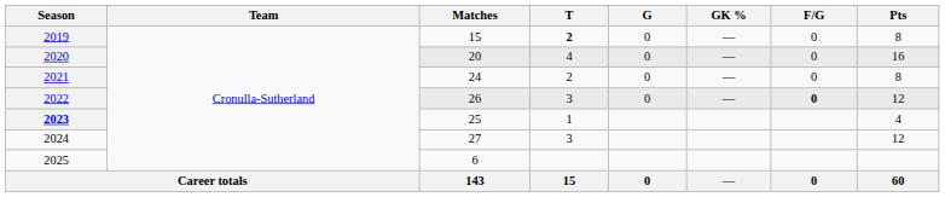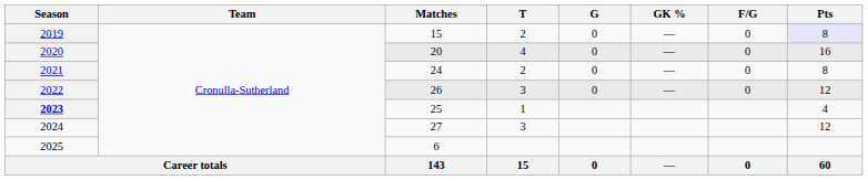 <table class="wikitable sortable"  style="font-size:90%; text-align:center; width:85%;">
 <tr>
 <th width=2%>Season</th>
 <th width=8%>Team</th>
 <th width=2%>Matches</th>
 <th width=2%>T</th>
 <th width=2%>G</th>
 <th width=2%>GK %</th>
 <th width=2%>F/G</th>
 <th width=2%>Pts</th>
 </tr>
 <tr>
 <th scope="row" style="text-align:center; font-weight:normal"><a href='#'>2019</a></th>
 <td rowspan="7" style="text-align:center;"> <a href='#'>Cronulla-Sutherland</a></td>
 <td>15</td>
-<td><strong>2</strong></td>
+<td>2</td>
 <td>0</td>
 <td>—</td>
 <td>0</td>
-<td>8</td>
+<td style="background: lavender;">8</td>
 </tr>
 <tr style="background:#eaeaea;">
 <th scope="row" style="text-align:center; font-weight:normal"><a href='#'>2020</a></th>
 <td>20</td>
 <td>4</td>
 <td>0</td>
 <td>—</td>
 <td>0</td>
 <td>16</td>
 </tr>
 <tr>
 <th scope="row" style="text-align:center; font-weight:normal"><a href='#'>2021</a></th>
 <td>24</td>
 <td>2</td>
 <td>0</td>
 <td>—</td>
 <td>0</td>
 <td>8</td>
 </tr>
 <tr style="background:#eaeaea;">
 <th scope="row" style="text-align:center; font-weight:normal"><a href='#'>2022</a></th>
 <td>26</td>
 <td>3</td>
 <td>0</td>
 <td>—</td>
-<td><strong>0</strong></td>
+<td>0</td>
 <td>12</td>
 </tr>
 <tr>
 <th><a href='#'>2023</a></th>
 <td>25</td>
 <td>1</td>
 <td></td>
 <td></td>
 <td></td>
 <td>4</td>
 </tr>
 <tr>
 <td>2024</td>
 <td>27</td>
 <td>3</td>
 <td></td>
 <td></td>
 <td></td>
 <td>12</td>
 </tr>
 <tr>
 <td>2025</td>
 <td>6</td>
 <td></td>
 <td></td>
 <td></td>
 <td></td>
 <td></td>
 </tr>
 <tr class="sortbottom">
 <th colspan="2">Career totals</th>
 <th>143</th>
 <th>15</th>
 <th>0</th>
 <th>—</th>
 <th>0</th>
 <th>60</th>
 </tr>
 </table>
